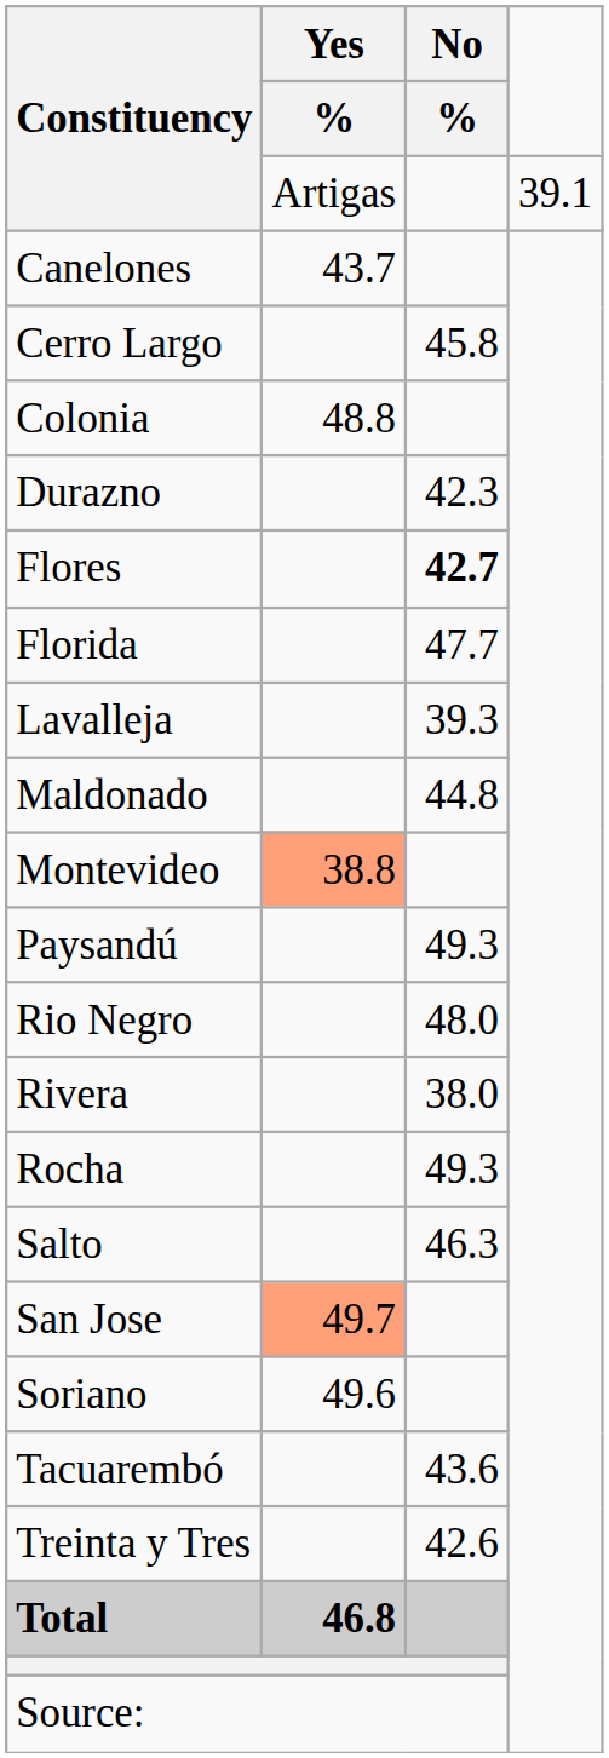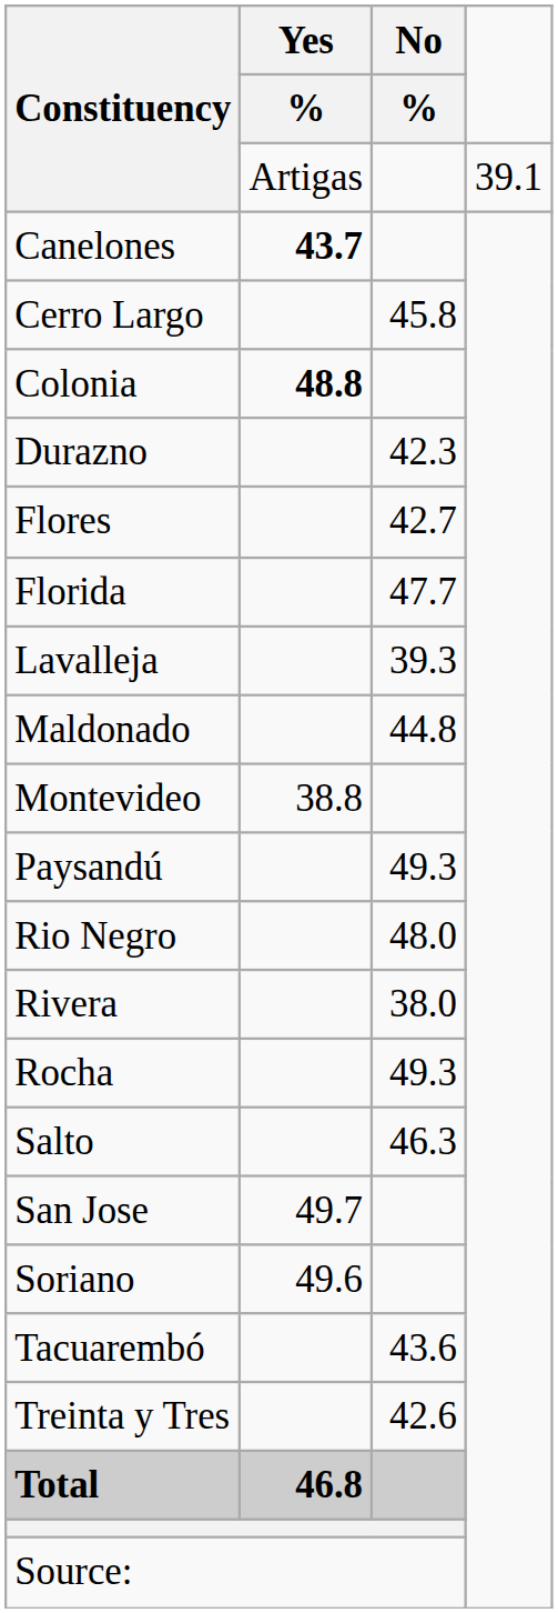 <table class="wikitable sortable" style="text-align:right; font-size:95%; line-height:20px;">
 <tr>
 <th rowspan="3">Constituency</th>
 <th width="30px" class="unsortable">Yes</th>
 <th width="30px" class="unsortable">No</th>
 </tr>
 <tr>
 <th data-sort-type="number">%</th>
 <th data-sort-type="number">%</th>
 </tr>
 <tr>
 <td align="left">Artigas</td>
 <td></td>
 <td>39.1</td>
 </tr>
 <tr>
 <td align="left">Canelones</td>
-<td>43.7</td>
+<td><strong>43.7</strong></td>
 <td></td>
 </tr>
 <tr>
 <td align="left">Cerro Largo</td>
 <td></td>
 <td>45.8</td>
 </tr>
 <tr>
 <td align="left">Colonia</td>
-<td>48.8</td>
+<td><strong>48.8</strong></td>
 <td></td>
 </tr>
 <tr>
 <td align="left">Durazno</td>
 <td></td>
 <td>42.3</td>
 </tr>
 <tr>
 <td align="left">Flores</td>
 <td></td>
-<td><strong>42.7</strong></td>
+<td>42.7</td>
 </tr>
 <tr>
 <td align="left">Florida</td>
 <td></td>
 <td>47.7</td>
 </tr>
 <tr>
 <td align="left">Lavalleja</td>
 <td></td>
 <td>39.3</td>
 </tr>
 <tr>
 <td align="left">Maldonado</td>
 <td></td>
 <td>44.8</td>
 </tr>
 <tr>
 <td align="left">Montevideo</td>
-<td style="background: lightsalmon;">38.8</td>
+<td>38.8</td>
 <td></td>
 </tr>
 <tr>
 <td align="left">Paysandú</td>
 <td></td>
 <td>49.3</td>
 </tr>
 <tr>
 <td align="left">Rio Negro</td>
 <td></td>
 <td>48.0</td>
 </tr>
 <tr>
 <td align="left">Rivera</td>
 <td></td>
 <td>38.0</td>
 </tr>
 <tr>
 <td align="left">Rocha</td>
 <td></td>
 <td>49.3</td>
 </tr>
 <tr>
 <td align="left">Salto</td>
 <td></td>
 <td>46.3</td>
 </tr>
 <tr>
 <td align="left">San Jose</td>
-<td style="background: lightsalmon;">49.7</td>
+<td>49.7</td>
 <td></td>
 </tr>
 <tr>
 <td align="left">Soriano</td>
 <td>49.6</td>
 <td></td>
 </tr>
 <tr>
 <td align="left">Tacuarembó</td>
 <td></td>
 <td>43.6</td>
 </tr>
 <tr>
 <td align="left">Treinta y Tres</td>
 <td></td>
 <td>42.6</td>
 </tr>
 <tr style="background:#CDCDCD;">
 <td align="left"><strong>Total</strong></td>
 <td><strong>46.8</strong></td>
 <td></td>
 </tr>
 <tr>
 <th colspan="3"></th>
 </tr>
 <tr>
 <td align=left colspan=3>Source: </td>
 </tr>
 </table>
